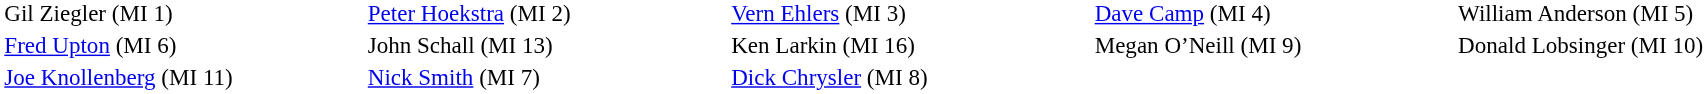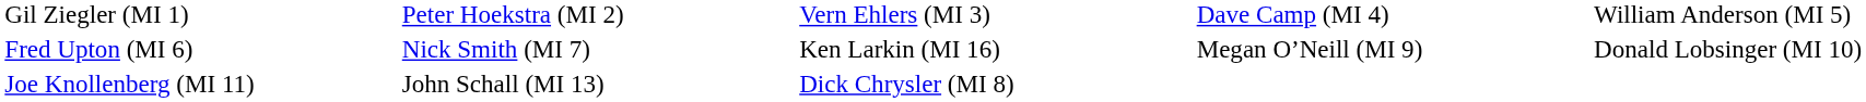 <table width="100%">
 <tr>
 <td width="20%">Gil Ziegler (MI 1)</td>
 <td width="20%"><a href='#'>Peter Hoekstra</a> (MI 2)</td>
 <td width="20%"><a href='#'>Vern Ehlers</a> (MI 3)</td>
 <td width="20%"><a href='#'>Dave Camp</a> (MI 4)</td>
 <td width="20%">William Anderson (MI 5)</td>
 </tr>
 <tr>
 <td><a href='#'>Fred Upton</a> (MI 6)</td>
-<td>John Schall (MI 13)</td>
+<td><a href='#'>Nick Smith</a> (MI 7)</td>
 <td>Ken Larkin (MI 16)</td>
 <td>Megan O’Neill (MI 9)</td>
 <td>Donald Lobsinger (MI 10)</td>
 </tr>
 <tr>
 <td><a href='#'>Joe Knollenberg</a> (MI 11)</td>
-<td><a href='#'>Nick Smith</a> (MI 7)</td>
+<td>John Schall (MI 13)</td>
 <td><a href='#'>Dick Chrysler</a> (MI 8)</td>
 </tr>
 </table>
